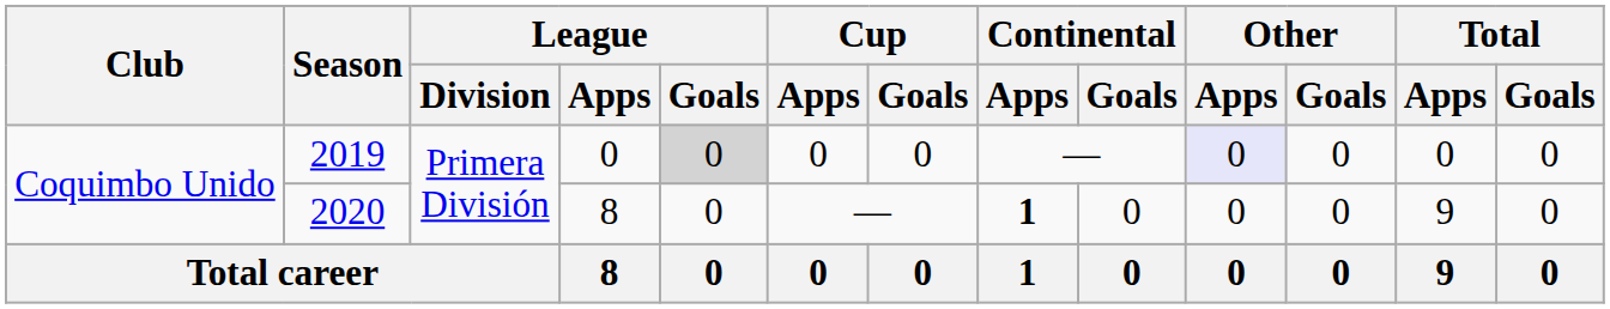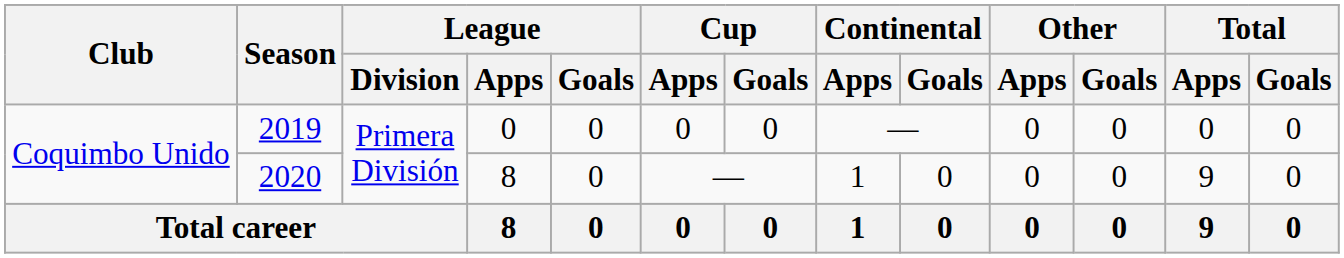 <table class="wikitable" style="text-align: center">
 <tr>
 <th rowspan="2">Club</th>
 <th rowspan="2">Season</th>
 <th colspan="3">League</th>
 <th colspan="2">Cup</th>
 <th colspan="2">Continental</th>
 <th colspan="2">Other</th>
 <th colspan="2">Total</th>
 </tr>
 <tr>
 <th>Division</th>
 <th>Apps</th>
 <th>Goals</th>
 <th>Apps</th>
 <th>Goals</th>
 <th>Apps</th>
 <th>Goals</th>
 <th>Apps</th>
 <th>Goals</th>
 <th>Apps</th>
 <th>Goals</th>
 </tr>
 <tr>
 <td rowspan ="2"><a href='#'>Coquimbo Unido</a></td>
 <td><a href='#'>2019</a></td>
 <td rowspan ="2"><a href='#'>Primera<br>División</a></td>
 <td>0</td>
-<td style="background: lightgrey;">0</td>
+<td>0</td>
 <td>0</td>
 <td>0</td>
 <td colspan="2">—</td>
-<td style="background: lavender;">0</td>
+<td>0</td>
 <td>0</td>
 <td>0</td>
 <td>0</td>
 </tr>
 <tr>
 <td><a href='#'>2020</a></td>
 <td>8</td>
 <td>0</td>
 <td colspan="2">—</td>
-<td><strong>1</strong></td>
+<td>1</td>
 <td>0</td>
 <td>0</td>
 <td>0</td>
 <td>9</td>
 <td>0</td>
 </tr>
 <tr>
 <th colspan="3"><strong>Total career</strong></th>
 <th>8</th>
 <th>0</th>
 <th>0</th>
 <th>0</th>
 <th>1</th>
 <th>0</th>
 <th>0</th>
 <th>0</th>
 <th>9</th>
 <th>0</th>
 </tr>
 </table>
